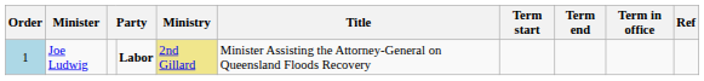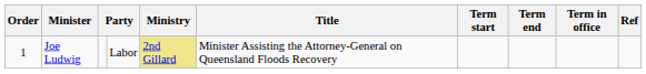 <table class="wikitable">
 <tr>
 <th>Order</th>
 <th>Minister</th>
 <th colspan=2>Party</th>
 <th>Ministry</th>
 <th>Title</th>
 <th>Term start</th>
 <th>Term end</th>
 <th>Term in office</th>
 <th>Ref</th>
 </tr>
 <tr>
-<td align=center style="background: lightblue;">1</td>
+<td align=center>1</td>
 <td><a href='#'>Joe Ludwig</a></td>
 <td> </td>
-<td><strong>Labor</strong></td>
+<td>Labor</td>
 <td style="background: khaki;"><a href='#'>2nd Gillard</a></td>
 <td>Minister Assisting the Attorney-General on Queensland Floods Recovery</td>
 <td align=center></td>
 <td align=center></td>
 <td align=right><strong></strong></td>
 <td align=center></td>
 </tr>
 </table>
